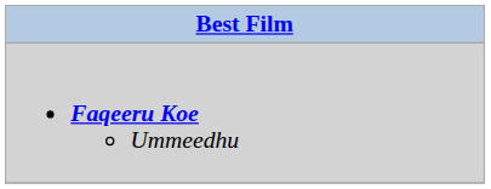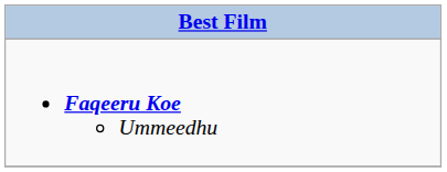 <table class="wikitable">
 <tr>
 <th style="background:#b4cae3; width:50%;"><a href='#'>Best Film</a></th>
 </tr>
 <tr>
 </tr>
 <tr>
-<td valign="top" style="background: lightgrey;"><br><ul><li><strong><em><a href='#'>Faqeeru Koe</a></em></strong><ul><li><em>Ummeedhu</em></li></ul></li></ul></td>
+<td valign="top"><br><ul><li><strong><em><a href='#'>Faqeeru Koe</a></em></strong><ul><li><em>Ummeedhu</em></li></ul></li></ul></td>
 </tr>
 <tr>
 </tr>
 </table>
